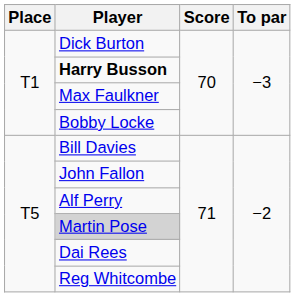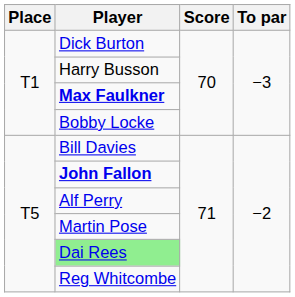 <table class=wikitable>
 <tr>
 <th>Place</th>
 <th>Player</th>
 <th>Score</th>
 <th>To par</th>
 </tr>
 <tr>
 <td rowspan=4 align=center>T1</td>
 <td> <a href='#'>Dick Burton</a></td>
 <td rowspan=4 align=center>70</td>
 <td rowspan=4 align=center>−3</td>
 </tr>
 <tr>
-<td><strong> Harry Busson</strong></td>
+<td> Harry Busson</td>
 </tr>
 <tr>
-<td> <a href='#'>Max Faulkner</a></td>
+<td><strong> <a href='#'>Max Faulkner</a></strong></td>
 </tr>
 <tr>
 <td> <a href='#'>Bobby Locke</a></td>
 </tr>
 <tr>
 <td rowspan=6 align=center>T5</td>
 <td> <a href='#'>Bill Davies</a></td>
 <td rowspan=6 align=center>71</td>
 <td rowspan=6 align=center>−2</td>
 </tr>
 <tr>
-<td> <a href='#'>John Fallon</a></td>
+<td><strong> <a href='#'>John Fallon</a></strong></td>
 </tr>
 <tr>
 <td> <a href='#'>Alf Perry</a></td>
 </tr>
 <tr>
-<td style="background: lightgrey;"> <a href='#'>Martin Pose</a></td>
+<td> <a href='#'>Martin Pose</a></td>
 </tr>
 <tr>
-<td> <a href='#'>Dai Rees</a></td>
+<td style="background: lightgreen;"> <a href='#'>Dai Rees</a></td>
 </tr>
 <tr>
 <td> <a href='#'>Reg Whitcombe</a></td>
 </tr>
 </table>
